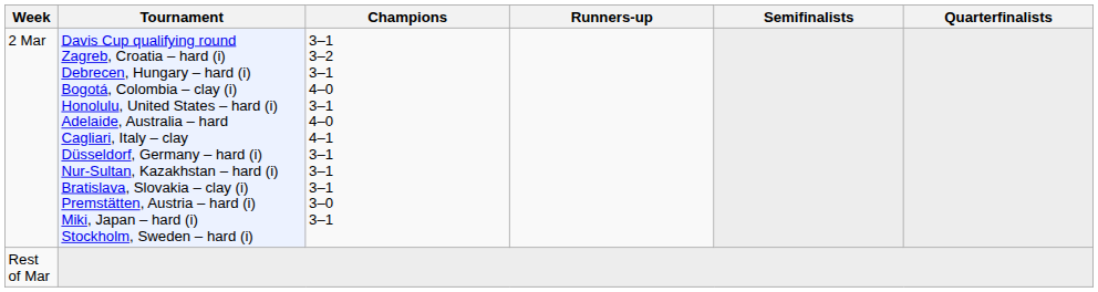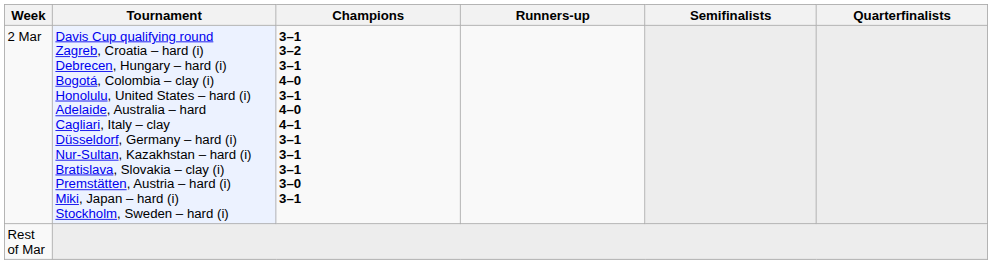 <table class=wikitable style=font-size:95%>
 <tr>
 <th style="width:48px;">Week</th>
 <th style="width:250px;">Tournament</th>
 <th style="width:205px;">Champions</th>
 <th style="width:205px;">Runners-up</th>
 <th style="width:190px;">Semifinalists</th>
 <th style="width:190px;">Quarterfinalists</th>
 </tr>
 <tr valign=top>
 <td>2 Mar</td>
 <td style="background:#ECF2FF;"><a href='#'>Davis Cup qualifying round</a><br> <a href='#'>Zagreb</a>, Croatia – hard (i)<br> <a href='#'>Debrecen</a>, Hungary – hard (i)<br> <a href='#'>Bogotá</a>, Colombia – clay (i)<br> <a href='#'>Honolulu</a>, United States – hard (i) <br> <a href='#'>Adelaide</a>, Australia – hard <br> <a href='#'>Cagliari</a>, Italy – clay <br> <a href='#'>Düsseldorf</a>, Germany – hard (i)<br> <a href='#'>Nur-Sultan</a>, Kazakhstan – hard (i)<br> <a href='#'>Bratislava</a>, Slovakia – clay (i)<br> <a href='#'>Premstätten</a>, Austria – hard (i)<br> <a href='#'>Miki</a>, Japan – hard (i)<br> <a href='#'>Stockholm</a>, Sweden – hard (i)<br></td>
-<td>  3–1<br> 3–2<br> 3–1<br> 4–0<br> 3–1<br> 4–0<br> 4–1<br> 3–1<br> 3–1<br> 3–1<br>  3–0<br>  3–1<br></td>
+<td><strong>  3–1<br> 3–2<br> 3–1<br> 4–0<br> 3–1<br> 4–0<br> 4–1<br> 3–1<br> 3–1<br> 3–1<br>  3–0<br>  3–1<br></strong></td>
 <td> <br><br><br><br><br><br><br><br><br><br><br></td>
 <td bgcolor="#ededed"></td>
 <td bgcolor="#ededed"></td>
 </tr>
 <tr valign=top>
 <td>Rest of Mar</td>
 <td colspan=5 align=center bgcolor="ededed"><em></em></td>
 </tr>
 </table>
